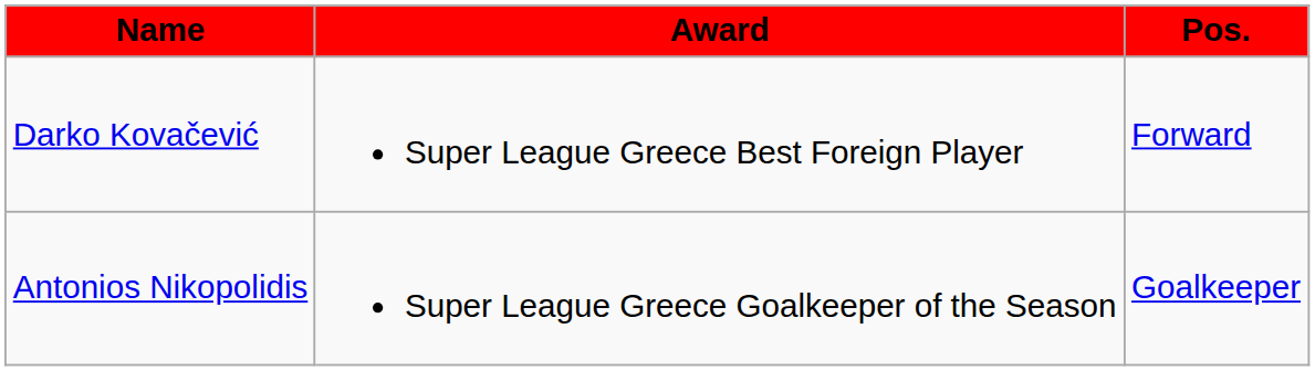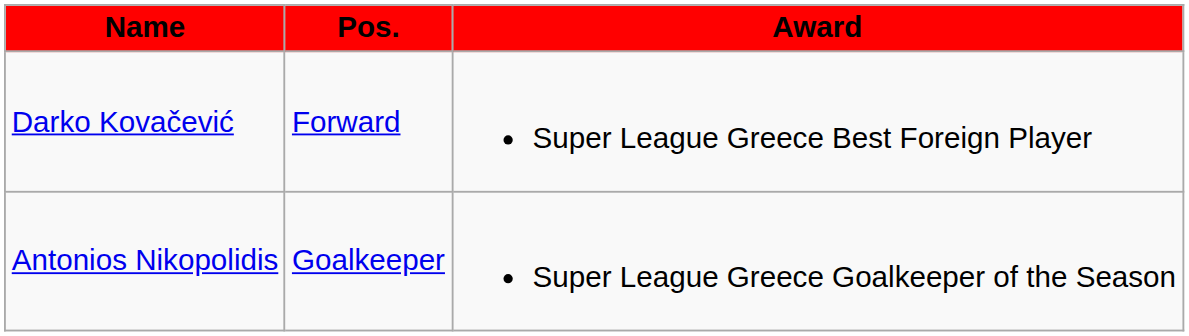 <table class="wikitable">
 <tr>
 <th style="background:#FF0000;">Name</th>
+<th style="background:#FF0000;">Pos.</th>
 <th style="background:#FF0000; !"><strong>Award</strong></th>
-<th style="background:#FF0000;">Pos.</th>
 </tr>
 <tr>
 <td> <a href='#'>Darko Kovačević</a></td>
+<td><a href='#'>Forward</a></td>
 <td><br><ul><li>Super League Greece Best Foreign Player</li></ul></td>
-<td><a href='#'>Forward</a></td>
 </tr>
 <tr>
 <td> <a href='#'>Antonios Nikopolidis</a></td>
+<td><a href='#'>Goalkeeper</a></td>
 <td><br><ul><li>Super League Greece Goalkeeper of the Season</li></ul></td>
-<td><a href='#'>Goalkeeper</a></td>
 </tr>
 </table>
